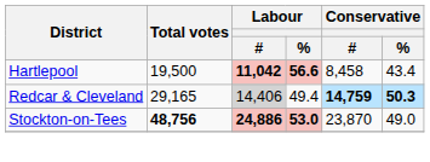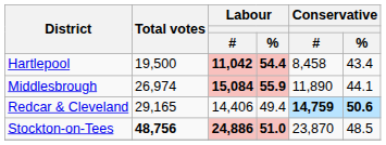 <table class="wikitable sortable">
 <tr>
 <th rowspan=3>District</th>
 <th rowspan=3>Total votes</th>
 <th colspan="2">Labour</th>
 <th colspan="2">Conservative</th>
 </tr>
 <tr>
 <th colspan="2" style="background:"></th>
 <th colspan="2" style="background:"></th>
 </tr>
 <tr>
 <th>#</th>
 <th>%</th>
 <th>#</th>
 <th>%</th>
 </tr>
 <tr>
 <td><a href='#'>Hartlepool</a></td>
 <td>19,500</td>
 <td style="background:#F8C1BE;"><strong>11,042</strong></td>
-<td style="background:#F8C1BE;"><strong>56.6</strong></td>
+<td style="background:#F8C1BE;"><strong>54.4</strong></td>
 <td>8,458</td>
 <td>43.4</td>
 </tr>
 <tr>
+<td><a href='#'>Middlesbrough</a></td>
+<td>26,974</td>
+<td style="background:#F8C1BE;"><strong>15,084</strong></td>
+<td style="background:#F8C1BE;"><strong>55.9</strong></td>
+<td>11,890</td>
+<td>44.1</td>
+</tr>
+<tr>
 <td><a href='#'>Redcar & Cleveland</a></td>
 <td>29,165</td>
-<td style="background: lightgrey;">14,406</td>
+<td>14,406</td>
 <td>49.4</td>
 <td style="background:#B9E4FF;"><strong>14,759</strong></td>
-<td style="background:#B9E4FF;"><strong>50.3</strong></td>
+<td style="background:#B9E4FF;"><strong>50.6</strong></td>
 </tr>
 <tr>
 <td><a href='#'>Stockton-on-Tees</a></td>
 <td><strong>48,756</strong></td>
 <td style="background:#F8C1BE;"><strong>24,886</strong></td>
-<td style="background:#F8C1BE;"><strong>53.0</strong></td>
+<td style="background:#F8C1BE;"><strong>51.0</strong></td>
 <td>23,870</td>
-<td>49.0</td>
+<td>48.5</td>
 </tr>
 <tr>
 </tr>
 </table>
